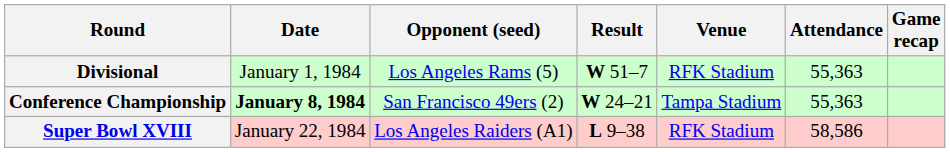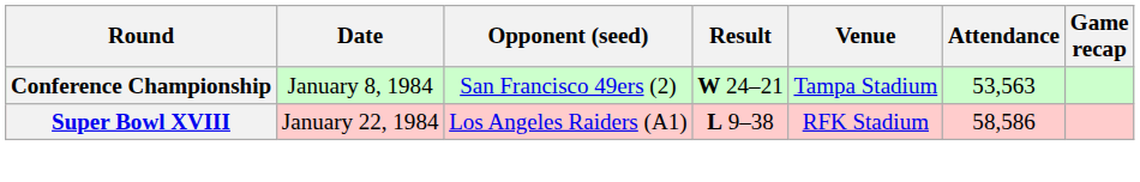 <table class="wikitable" style="text-align:center">
 <tr>
 <th>Round</th>
 <th>Date</th>
 <th>Opponent (seed)</th>
 <th>Result</th>
 <th>Venue</th>
 <th>Attendance</th>
 <th>Game<br>recap</th>
 </tr>
 <tr style="background:#cfc">
-<th>Divisional</th>
-<td>January 1, 1984</td>
-<td><a href='#'>Los Angeles Rams</a> (5)</td>
-<td><strong>W</strong> 51–7</td>
-<td><a href='#'>RFK Stadium</a></td>
-<td>55,363</td>
-<td></td>
-</tr>
-<tr style="background:#cfc">
 <th>Conference Championship</th>
-<td><strong>January 8, 1984</strong></td>
+<td>January 8, 1984</td>
 <td><a href='#'>San Francisco 49ers</a> (2)</td>
 <td><strong>W</strong> 24–21</td>
 <td><a href='#'>Tampa Stadium</a></td>
-<td>55,363</td>
+<td>53,563</td>
 <td></td>
 </tr>
 <tr style="background:#fcc">
 <th><a href='#'>Super Bowl XVIII</a></th>
 <td>January 22, 1984</td>
 <td><a href='#'>Los Angeles Raiders</a> (A1)</td>
 <td><strong>L</strong> 9–38</td>
 <td><a href='#'>RFK Stadium</a></td>
 <td>58,586</td>
 <td></td>
 </tr>
 </table>
